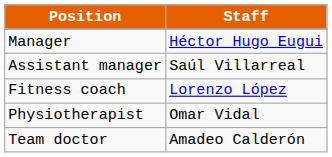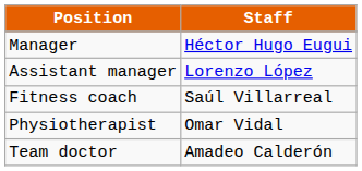 <table class="wikitable">
 <tr>
 <th style=background-color:#E65F00;color:white>Position</th>
 <th style=background-color:#E65F00;color:white>Staff</th>
 </tr>
 <tr>
 </tr>
 <tr>
 <td>Manager</td>
 <td> <a href='#'>Héctor Hugo Eugui</a></td>
 </tr>
 <tr>
 <td>Assistant manager</td>
-<td> Saúl Villarreal</td>
+<td> <a href='#'>Lorenzo López</a></td>
 </tr>
 <tr>
 <td>Fitness coach</td>
-<td> <a href='#'>Lorenzo López</a></td>
+<td> Saúl Villarreal</td>
 </tr>
 <tr>
 <td>Physiotherapist</td>
 <td> Omar Vidal</td>
 </tr>
 <tr>
 <td>Team doctor</td>
 <td>  Amadeo Calderón</td>
 </tr>
 </table>
